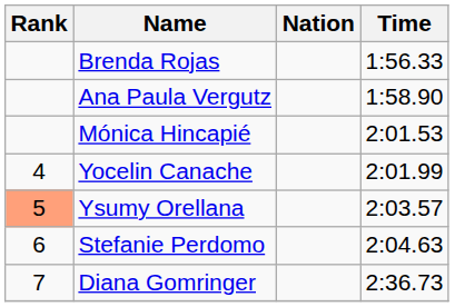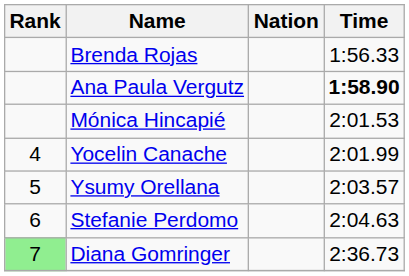 <table class="wikitable sortable" style="text-align:center">
 <tr>
 <th>Rank</th>
 <th>Name</th>
 <th>Nation</th>
 <th>Time</th>
 </tr>
 <tr>
 <td></td>
 <td align=left><a href='#'>Brenda Rojas</a></td>
 <td align=left></td>
 <td>1:56.33</td>
 </tr>
 <tr>
 <td></td>
 <td align=left><a href='#'>Ana Paula Vergutz</a></td>
 <td align=left></td>
-<td>1:58.90</td>
+<td><strong>1:58.90</strong></td>
 </tr>
 <tr>
 <td></td>
 <td align=left><a href='#'>Mónica Hincapié</a></td>
 <td align=left></td>
 <td>2:01.53</td>
 </tr>
 <tr>
 <td>4</td>
 <td align=left><a href='#'>Yocelin Canache</a></td>
 <td align=left></td>
 <td>2:01.99</td>
 </tr>
 <tr>
-<td style="background: lightsalmon;">5</td>
+<td>5</td>
 <td align=left><a href='#'>Ysumy Orellana</a></td>
 <td align=left></td>
 <td>2:03.57</td>
 </tr>
 <tr>
 <td>6</td>
 <td align=left><a href='#'>Stefanie Perdomo</a></td>
 <td align=left></td>
 <td>2:04.63</td>
 </tr>
 <tr>
-<td>7</td>
+<td style="background: lightgreen;">7</td>
 <td align=left><a href='#'>Diana Gomringer</a></td>
 <td align=left></td>
 <td>2:36.73</td>
 </tr>
 <tr>
 </tr>
 </table>
